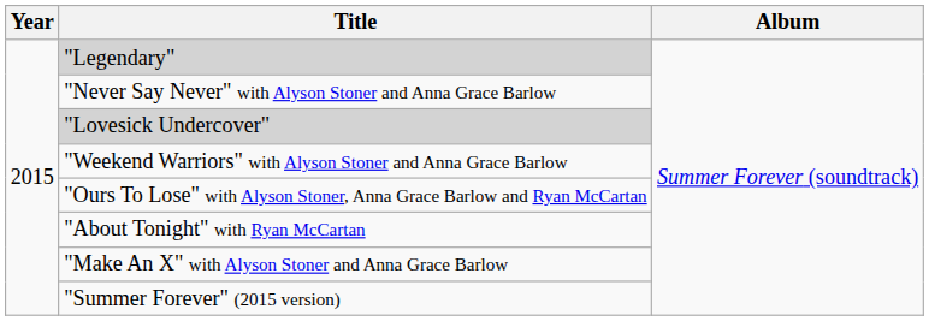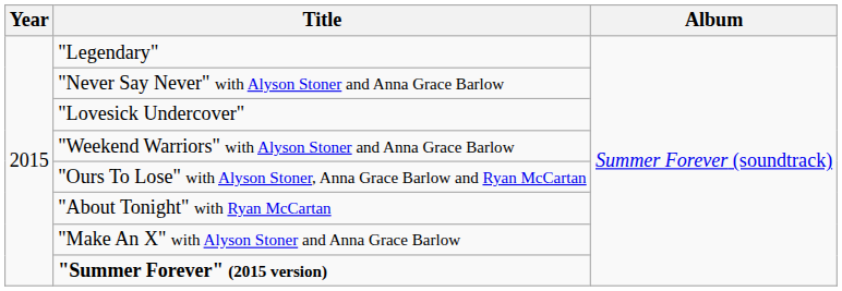 <table class="wikitable">
 <tr>
 <th>Year</th>
 <th>Title</th>
 <th>Album</th>
 </tr>
 <tr>
 <td rowspan="8">2015</td>
-<td style="background: lightgrey;">"Legendary"</td>
+<td>"Legendary"</td>
 <td rowspan="8"><a href='#'><em>Summer Forever</em> (soundtrack)</a></td>
 </tr>
 <tr>
 <td>"Never Say Never" <small>with <a href='#'>Alyson Stoner</a> and Anna Grace Barlow</small></td>
 </tr>
 <tr>
-<td style="background: lightgrey;">"Lovesick Undercover"</td>
+<td>"Lovesick Undercover"</td>
 </tr>
 <tr>
 <td>"Weekend Warriors" <small>with <a href='#'>Alyson Stoner</a> and Anna Grace Barlow</small></td>
 </tr>
 <tr>
 <td>"Ours To Lose" <small>with <a href='#'>Alyson Stoner</a>, Anna Grace Barlow and <a href='#'>Ryan McCartan</a></small></td>
 </tr>
 <tr>
 <td>"About Tonight" <small>with <a href='#'>Ryan McCartan</a></small></td>
 </tr>
 <tr>
 <td>"Make An X" <small>with <a href='#'>Alyson Stoner</a> and Anna Grace Barlow</small></td>
 </tr>
 <tr>
-<td>"Summer Forever" <small>(2015 version)</small></td>
+<td><strong>"Summer Forever" <small>(2015 version)</small></strong></td>
 </tr>
 </table>
